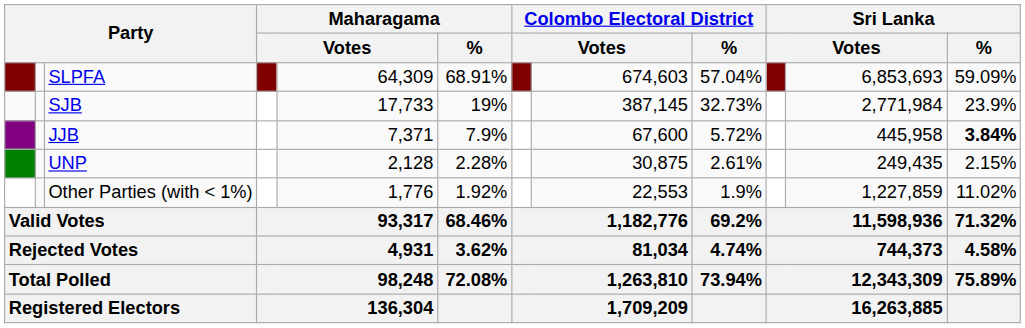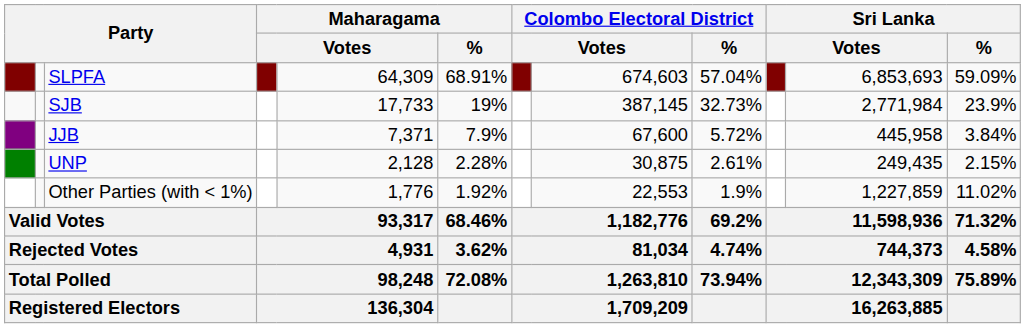 <table class="wikitable">
 <tr>
 <th colspan="3" width="144px"rowspan="2">Party</th>
 <th colspan="3" width="216px">Maharagama</th>
 <th colspan="3" width="216px"><a href='#'>Colombo Electoral District</a></th>
 <th colspan="3" width="216px">Sri Lanka</th>
 </tr>
 <tr>
 <th colspan="2" width="144px">Votes</th>
 <th>%</th>
 <th colspan="2" width="144px">Votes</th>
 <th>%</th>
 <th colspan="2" width="144px">Votes</th>
 <th>%</th>
 </tr>
 <tr>
 <td style="background-color:maroon;" width="20px"></td>
 <td></td>
 <td style="text-align:left;"><a href='#'>SLPFA</a></td>
 <td style="background-color:maroon;" width="10px"></td>
 <td style="text-align:right;">64,309</td>
 <td style="text-align:right;">68.91%</td>
 <td style="background-color:maroon;" width="10px"></td>
 <td style="text-align:right;">674,603</td>
 <td style="text-align:right;">57.04%</td>
 <td style="background-color:maroon;" width="10px"></td>
 <td style="text-align:right;">6,853,693</td>
 <td style="text-align:right;">59.09%</td>
 </tr>
 <tr>
 <td style="background-color:"></td>
 <td></td>
 <td style="text-align:left;"><a href='#'>SJB</a></td>
 <td style="background-color:white;" width="10px"></td>
 <td style="text-align:right;">17,733</td>
 <td style="text-align:right;">19%</td>
 <td style="background-color:white;" width="10px"></td>
 <td style="text-align:right;">387,145</td>
 <td style="text-align:right;">32.73%</td>
 <td style="background-color:white;" width="10px"></td>
 <td style="text-align:right;">2,771,984</td>
 <td style="text-align:right;">23.9%</td>
 </tr>
 <tr>
 <td style="background-color:purple;" width="20px"></td>
 <td></td>
 <td style="text-align:left;"><a href='#'>JJB</a></td>
 <td style="background-color:white;" width="10px"></td>
 <td style="text-align:right;">7,371</td>
 <td style="text-align:right;">7.9%</td>
 <td style="background-color:white;" width="10px"></td>
 <td style="text-align:right;">67,600</td>
 <td style="text-align:right;">5.72%</td>
 <td style="background-color:white;" width="10px"></td>
 <td style="text-align:right;">445,958</td>
-<td style="text-align:right;"><strong>3.84%</strong></td>
+<td style="text-align:right;">3.84%</td>
 </tr>
 <tr>
 <td style="background-color:green;" width="20px"></td>
 <td></td>
 <td style="text-align:left;"><a href='#'>UNP</a></td>
 <td style="background-color:white;" width="10px"></td>
 <td style="text-align:right;">2,128</td>
 <td style="text-align:right;">2.28%</td>
 <td style="background-color:white;" width="10px"></td>
 <td style="text-align:right;">30,875</td>
 <td style="text-align:right;">2.61%</td>
 <td style="background-color:white;" width="10px"></td>
 <td style="text-align:right;">249,435</td>
 <td style="text-align:right;">2.15%</td>
 </tr>
 <tr>
 <td style="background-color:white;" width="20px"></td>
 <td></td>
 <td style="text-align:left;">Other Parties (with < 1%)</td>
 <td style="background-color:white;" width="10px"></td>
 <td style="text-align:right;">1,776</td>
 <td style="text-align:right;">1.92%</td>
 <td style="background-color:white;" width="10px"></td>
 <td style="text-align:right;">22,553</td>
 <td style="text-align:right;">1.9%</td>
 <td style="background-color:white;" width="10px"></td>
 <td style="text-align:right;">1,227,859</td>
 <td style="text-align:right;">11.02%</td>
 </tr>
 <tr>
 <th colspan="3" width="144px"style="text-align:left;">Valid Votes</th>
 <th style="text-align:right;"colspan="2" width="144px">93,317</th>
 <th style="text-align:right;">68.46%</th>
 <th style="text-align:right;"colspan="2" width="144px">1,182,776</th>
 <th style="text-align:right;">69.2%</th>
 <th style="text-align:right;"colspan="2" width="144px">11,598,936</th>
 <th style="text-align:right;">71.32%</th>
 </tr>
 <tr>
 <th colspan="3" width="144px"style="text-align:left;">Rejected Votes</th>
 <th style="text-align:right;"colspan="2" width="144px">4,931</th>
 <th style="text-align:right;">3.62%</th>
 <th style="text-align:right;"colspan="2" width="144px">81,034</th>
 <th style="text-align:right;">4.74%</th>
 <th style="text-align:right;"colspan="2" width="144px">744,373</th>
 <th style="text-align:right;">4.58%</th>
 </tr>
 <tr>
 <th colspan="3" width="144px"style="text-align:left;">Total Polled</th>
 <th style="text-align:right;"colspan="2" width="144px">98,248</th>
 <th style="text-align:right;">72.08%</th>
 <th style="text-align:right;"colspan="2" width="144px">1,263,810</th>
 <th style="text-align:right;">73.94%</th>
 <th style="text-align:right;"colspan="2" width="144px">12,343,309</th>
 <th style="text-align:right;">75.89%</th>
 </tr>
 <tr>
 <th colspan="3" width="144px"style="text-align:left;">Registered Electors</th>
 <th style="text-align:right;"colspan="2" width="144px">136,304</th>
 <th></th>
 <th style="text-align:right;"colspan="2" width="144px">1,709,209</th>
 <th></th>
 <th style="text-align:right;"colspan="2" width="144px">16,263,885</th>
 <th></th>
 </tr>
 </table>
